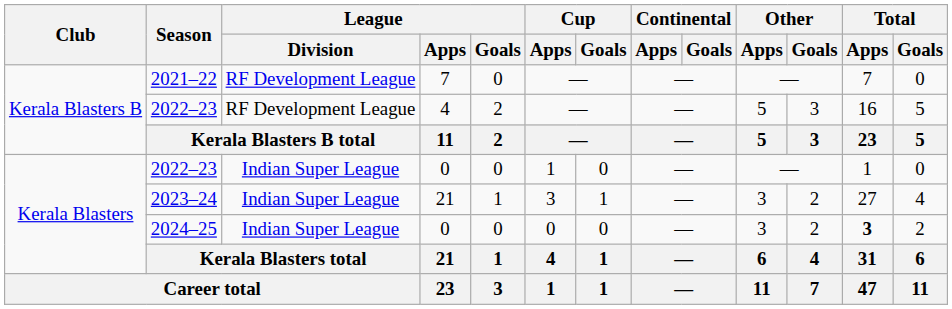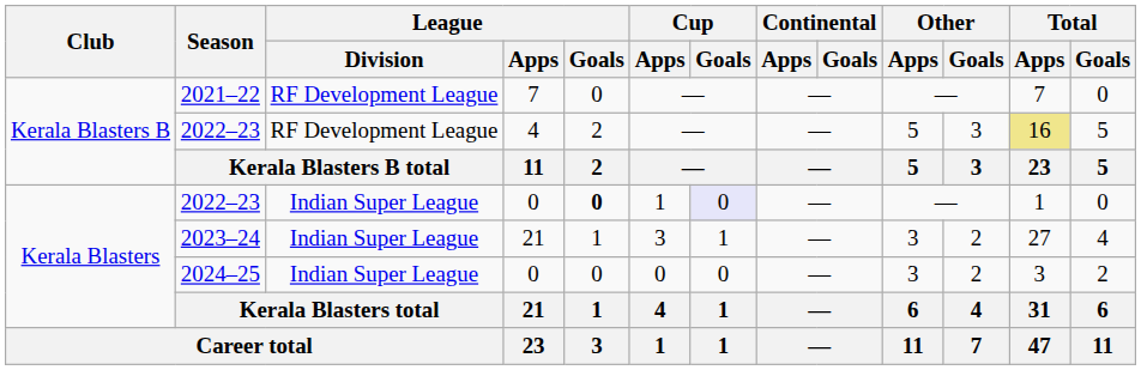 <table class="wikitable" style="text-align: center;">
 <tr>
 <th rowspan="2">Club</th>
 <th rowspan="2">Season</th>
 <th colspan="3">League</th>
 <th colspan="2">Cup</th>
 <th colspan="2">Continental</th>
 <th colspan="2">Other</th>
 <th colspan="2">Total</th>
 </tr>
 <tr>
 <th>Division</th>
 <th>Apps</th>
 <th>Goals</th>
 <th>Apps</th>
 <th>Goals</th>
 <th>Apps</th>
 <th>Goals</th>
 <th>Apps</th>
 <th>Goals</th>
 <th>Apps</th>
 <th>Goals</th>
 </tr>
 <tr>
 <td rowspan="3"><a href='#'>Kerala Blasters B</a></td>
 <td><a href='#'>2021–22</a></td>
 <td><a href='#'>RF Development League</a></td>
 <td>7</td>
 <td>0</td>
 <td colspan="2">—</td>
 <td colspan="2">—</td>
 <td colspan="2">—</td>
 <td>7</td>
 <td>0</td>
 </tr>
 <tr>
 <td><a href='#'>2022–23</a></td>
 <td>RF Development League</td>
 <td>4</td>
 <td>2</td>
 <td colspan="2">—</td>
 <td colspan="2">—</td>
 <td>5</td>
 <td>3</td>
-<td>16</td>
+<td style="background: khaki;">16</td>
 <td>5</td>
 </tr>
 <tr>
 <th colspan="2">Kerala Blasters B total</th>
 <th>11</th>
 <th>2</th>
 <th colspan="2">—</th>
 <th colspan="2">—</th>
 <th>5</th>
 <th>3</th>
 <th>23</th>
 <th>5</th>
 </tr>
 <tr>
 <td rowspan="4"><a href='#'>Kerala Blasters</a></td>
 <td><a href='#'>2022–23</a></td>
 <td><a href='#'>Indian Super League</a></td>
 <td>0</td>
-<td>0</td>
+<td><strong>0</strong></td>
 <td>1</td>
-<td>0</td>
+<td style="background: lavender;">0</td>
 <td colspan="2">—</td>
 <td colspan="2">—</td>
 <td>1</td>
 <td>0</td>
 </tr>
 <tr>
 <td><a href='#'>2023–24</a></td>
 <td><a href='#'>Indian Super League</a></td>
 <td>21</td>
 <td>1</td>
 <td>3</td>
 <td>1</td>
 <td colspan="2">—</td>
 <td>3</td>
 <td>2</td>
 <td>27</td>
 <td>4</td>
 </tr>
 <tr>
 <td><a href='#'>2024–25</a></td>
 <td><a href='#'>Indian Super League</a></td>
 <td>0</td>
 <td>0</td>
 <td>0</td>
 <td>0</td>
 <td colspan="2">—</td>
 <td>3</td>
 <td>2</td>
-<td><strong>3</strong></td>
+<td>3</td>
 <td>2</td>
 </tr>
 <tr>
 <th colspan="2">Kerala Blasters total</th>
 <th>21</th>
 <th>1</th>
 <th>4</th>
 <th>1</th>
 <th colspan="2"><strong>—</strong></th>
 <th>6</th>
 <th>4</th>
 <th>31</th>
 <th>6</th>
 </tr>
 <tr>
 <th colspan="3">Career total</th>
 <th>23</th>
 <th>3</th>
 <th>1</th>
 <th>1</th>
 <th colspan="2">—</th>
 <th>11</th>
 <th>7</th>
 <th>47</th>
 <th>11</th>
 </tr>
 </table>
